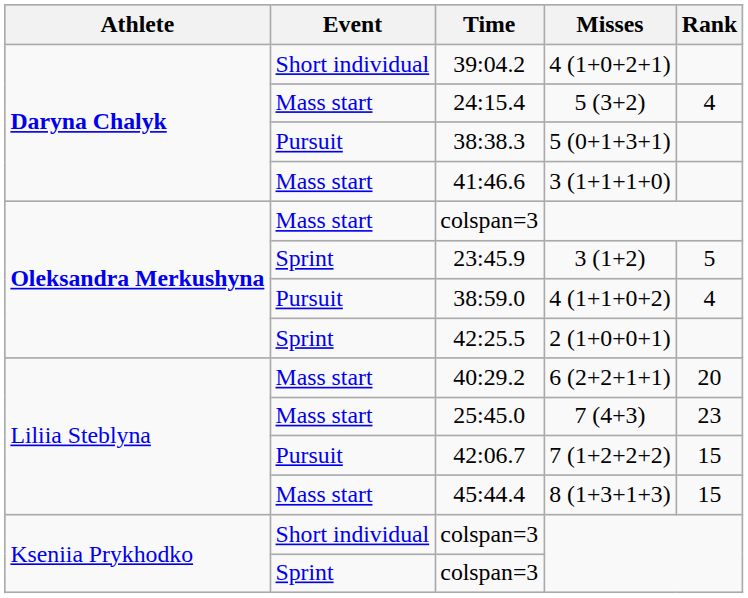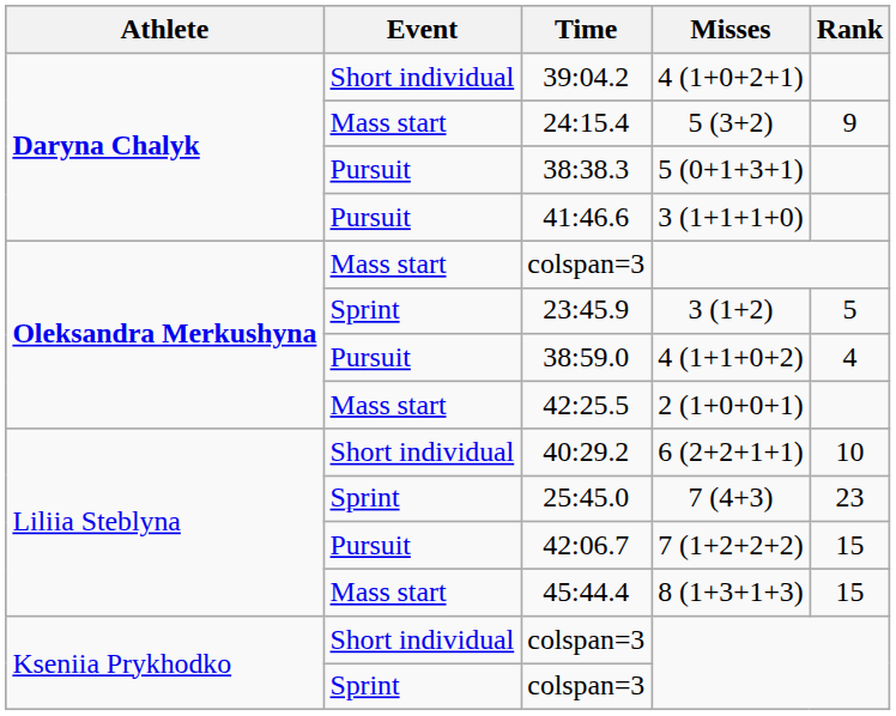 <table class=wikitable style=font-size:90%;text-align:center>
 <tr>
 <th>Athlete</th>
 <th>Event</th>
 <th>Time</th>
 <th>Misses</th>
 <th>Rank</th>
 </tr>
 <tr>
 <td rowspan="4" align="left"><strong><a href='#'>Daryna Chalyk</a></strong></td>
 <td align=left><a href='#'>Short individual</a></td>
 <td>39:04.2</td>
 <td>4 (1+0+2+1)</td>
 <td></td>
 </tr>
 <tr>
 <td align=left><a href='#'>Mass start</a></td>
 <td>24:15.4</td>
 <td>5 (3+2)</td>
-<td>4</td>
+<td>9</td>
 </tr>
 <tr>
 <td align=left><a href='#'>Pursuit</a></td>
 <td>38:38.3</td>
 <td>5 (0+1+3+1)</td>
 <td></td>
 </tr>
 <tr>
-<td align=left><a href='#'>Mass start</a></td>
+<td align=left><a href='#'>Pursuit</a></td>
 <td>41:46.6</td>
 <td>3 (1+1+1+0)</td>
 <td></td>
 </tr>
 <tr>
 <td rowspan="4" align="left"><strong><a href='#'>Oleksandra Merkushyna</a></strong></td>
 <td align=left><a href='#'>Mass start</a></td>
 <td>colspan=3 </td>
 </tr>
 <tr>
 <td align=left><a href='#'>Sprint</a></td>
 <td>23:45.9</td>
 <td>3 (1+2)</td>
 <td>5</td>
 </tr>
 <tr>
 <td align=left><a href='#'>Pursuit</a></td>
 <td>38:59.0</td>
 <td>4 (1+1+0+2)</td>
 <td>4</td>
 </tr>
 <tr>
-<td align=left><a href='#'>Sprint</a></td>
+<td align=left><a href='#'>Mass start</a></td>
 <td>42:25.5</td>
 <td>2 (1+0+0+1)</td>
 <td></td>
 </tr>
 <tr>
 <td rowspan="4" align="left"><a href='#'>Liliia Steblyna</a></td>
-<td align=left><a href='#'>Mass start</a></td>
+<td align=left><a href='#'>Short individual</a></td>
 <td>40:29.2</td>
 <td>6 (2+2+1+1)</td>
-<td>20</td>
+<td>10</td>
 </tr>
 <tr>
-<td align=left><a href='#'>Mass start</a></td>
+<td align=left><a href='#'>Sprint</a></td>
 <td>25:45.0</td>
 <td>7 (4+3)</td>
 <td>23</td>
 </tr>
 <tr>
 <td align=left><a href='#'>Pursuit</a></td>
 <td>42:06.7</td>
 <td>7 (1+2+2+2)</td>
 <td>15</td>
 </tr>
 <tr>
 <td align=left><a href='#'>Mass start</a></td>
 <td>45:44.4</td>
 <td>8 (1+3+1+3)</td>
 <td>15</td>
 </tr>
 <tr>
 <td rowspan="2" align="left"><a href='#'>Kseniia Prykhodko</a></td>
 <td align=left><a href='#'>Short individual</a></td>
 <td>colspan=3 </td>
 </tr>
 <tr>
 <td align=left><a href='#'>Sprint</a></td>
 <td>colspan=3 </td>
 </tr>
 </table>
